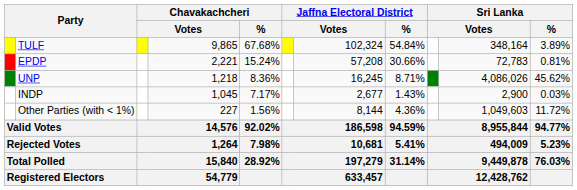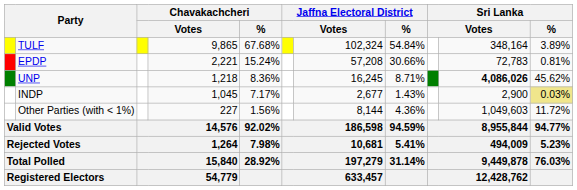 <table class="wikitable">
 <tr>
 <th colspan="2" width="144px"rowspan="2">Party</th>
 <th colspan="3" width="216px">Chavakachcheri</th>
 <th colspan="3" width="216px"><a href='#'>Jaffna Electoral District</a></th>
 <th colspan="3" width="216px">Sri Lanka</th>
 </tr>
 <tr>
 <th colspan="2" width="144px">Votes</th>
 <th>%</th>
 <th colspan="2" width="144px">Votes</th>
 <th>%</th>
 <th colspan="2" width="144px">Votes</th>
 <th>%</th>
 </tr>
 <tr>
 <td style="background-color:yellow;" width="10px"></td>
 <td style="text-align:left;"><a href='#'>TULF</a></td>
 <td style="background-color:yellow;" width="10px"></td>
 <td style="text-align:right;">9,865</td>
 <td style="text-align:right;">67.68%</td>
 <td style="background-color:yellow;" width="10px"></td>
 <td style="text-align:right;">102,324</td>
 <td style="text-align:right;">54.84%</td>
 <td style="background-color:white;" width="10px"></td>
 <td style="text-align:right;">348,164</td>
 <td style="text-align:right;">3.89%</td>
 </tr>
 <tr>
 <td style="background-color:red;" width="10px"></td>
 <td style="text-align:left;"><a href='#'>EPDP</a></td>
 <td style="background-color:white;" width="10px"></td>
 <td style="text-align:right;">2,221</td>
 <td style="text-align:right;">15.24%</td>
 <td style="background-color:white;" width="10px"></td>
 <td style="text-align:right;">57,208</td>
 <td style="text-align:right;">30.66%</td>
 <td style="background-color:white;" width="10px"></td>
 <td style="text-align:right;">72,783</td>
 <td style="text-align:right;">0.81%</td>
 </tr>
 <tr>
 <td style="background-color:green;" width="10px"></td>
 <td style="text-align:left;"><a href='#'>UNP</a></td>
 <td style="background-color:white;" width="10px"></td>
 <td style="text-align:right;">1,218</td>
 <td style="text-align:right;">8.36%</td>
 <td style="background-color:white;" width="10px"></td>
 <td style="text-align:right;">16,245</td>
 <td style="text-align:right;">8.71%</td>
 <td style="background-color:green;" width="10px"></td>
-<td style="text-align:right;">4,086,026</td>
+<td style="text-align:right;"><strong>4,086,026</strong></td>
 <td style="text-align:right;">45.62%</td>
 </tr>
 <tr>
 <td style="background-color:white;" width="10px"></td>
 <td style="text-align:left;">INDP</td>
 <td style="background-color:white;" width="10px"></td>
 <td style="text-align:right;">1,045</td>
 <td style="text-align:right;">7.17%</td>
 <td style="background-color:white;" width="10px"></td>
 <td style="text-align:right;">2,677</td>
 <td style="text-align:right;">1.43%</td>
 <td style="background-color:white;" width="10px"></td>
 <td style="text-align:right;">2,900</td>
-<td style="text-align:right;">0.03%</td>
+<td style="background: khaki; text-align:right;">0.03%</td>
 </tr>
 <tr>
 <td style="background-color:white;" width="10px"></td>
 <td style="text-align:left;">Other Parties (with < 1%)</td>
 <td style="background-color:white;" width="10px"></td>
 <td style="text-align:right;">227</td>
 <td style="text-align:right;">1.56%</td>
 <td style="background-color:white;" width="10px"></td>
 <td style="text-align:right;">8,144</td>
 <td style="text-align:right;">4.36%</td>
 <td style="background-color:white;" width="10px"></td>
 <td style="text-align:right;">1,049,603</td>
 <td style="text-align:right;">11.72%</td>
 </tr>
 <tr>
 <th colspan="2" width="144px"style="text-align:left;">Valid Votes</th>
 <th style="text-align:right;"colspan="2" width="144px">14,576</th>
 <th style="text-align:right;">92.02%</th>
 <th style="text-align:right;"colspan="2" width="144px">186,598</th>
 <th style="text-align:right;">94.59%</th>
 <th style="text-align:right;"colspan="2" width="144px">8,955,844</th>
 <th style="text-align:right;">94.77%</th>
 </tr>
 <tr>
 <th colspan="2" width="144px"style="text-align:left;">Rejected Votes</th>
 <th style="text-align:right;"colspan="2" width="144px">1,264</th>
 <th style="text-align:right;">7.98%</th>
 <th style="text-align:right;"colspan="2" width="144px">10,681</th>
 <th style="text-align:right;">5.41%</th>
 <th style="text-align:right;"colspan="2" width="144px">494,009</th>
 <th style="text-align:right;">5.23%</th>
 </tr>
 <tr>
 <th colspan="2" width="144px"style="text-align:left;">Total Polled</th>
 <th style="text-align:right;"colspan="2" width="144px">15,840</th>
 <th style="text-align:right;">28.92%</th>
 <th style="text-align:right;"colspan="2" width="144px">197,279</th>
 <th style="text-align:right;">31.14%</th>
 <th style="text-align:right;"colspan="2" width="144px">9,449,878</th>
 <th style="text-align:right;">76.03%</th>
 </tr>
 <tr>
 <th colspan="2" width="144px"style="text-align:left;">Registered Electors</th>
 <th style="text-align:right;"colspan="2" width="144px">54,779</th>
 <th></th>
 <th style="text-align:right;"colspan="2" width="144px">633,457</th>
 <th></th>
 <th style="text-align:right;"colspan="2" width="144px">12,428,762</th>
 <th></th>
 </tr>
 </table>
